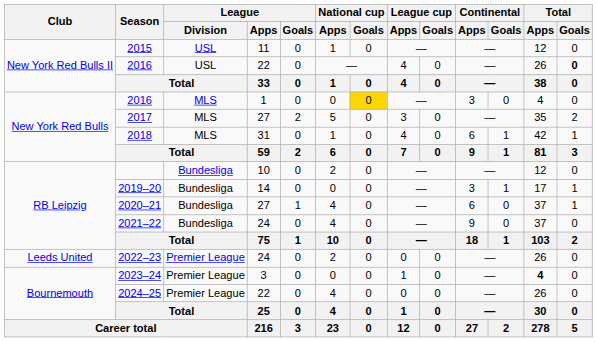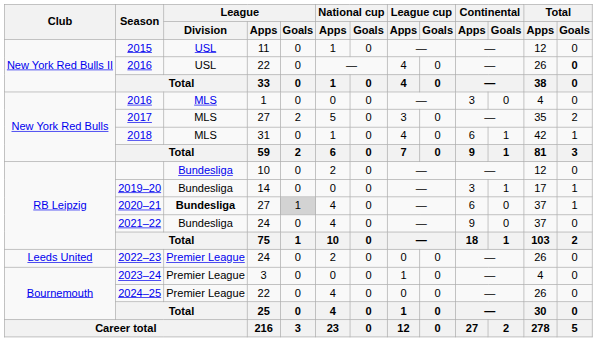 <table class="wikitable" style="text-align: center;">
 <tr>
 <th rowspan="2">Club</th>
 <th rowspan="2">Season</th>
 <th colspan="3">League</th>
 <th colspan="2">National cup</th>
 <th colspan="2">League cup</th>
 <th colspan="2">Continental</th>
 <th colspan="2">Total</th>
 </tr>
 <tr>
 <th>Division</th>
 <th>Apps</th>
 <th>Goals</th>
 <th>Apps</th>
 <th>Goals</th>
 <th>Apps</th>
 <th>Goals</th>
 <th>Apps</th>
 <th>Goals</th>
 <th>Apps</th>
 <th>Goals</th>
 </tr>
 <tr>
 <td rowspan="3"><a href='#'>New York Red Bulls II</a> <br></td>
 <td><a href='#'>2015</a></td>
 <td><a href='#'>USL</a></td>
 <td>11</td>
 <td>0</td>
 <td>1</td>
 <td>0</td>
 <td colspan="2">—</td>
 <td colspan="2">—</td>
 <td>12</td>
 <td>0</td>
 </tr>
 <tr>
 <td><a href='#'>2016</a></td>
 <td>USL</td>
 <td>22</td>
 <td>0</td>
 <td colspan="2">—</td>
 <td>4</td>
 <td>0</td>
 <td colspan="2">—</td>
 <td>26</td>
 <td><strong>0</strong></td>
 </tr>
 <tr>
 <th colspan="2">Total</th>
 <th>33</th>
 <th>0</th>
 <th>1</th>
 <th>0</th>
 <th>4</th>
 <th>0</th>
 <th colspan="2">—</th>
 <th>38</th>
 <th>0</th>
 </tr>
 <tr>
 <td rowspan="4"><a href='#'>New York Red Bulls</a></td>
 <td><a href='#'>2016</a></td>
 <td><a href='#'>MLS</a></td>
 <td>1</td>
 <td>0</td>
 <td>0</td>
-<td style="background: gold;">0</td>
+<td>0</td>
 <td colspan="2">—</td>
 <td>3</td>
 <td>0</td>
 <td>4</td>
 <td>0</td>
 </tr>
 <tr>
 <td><a href='#'>2017</a></td>
 <td>MLS</td>
 <td>27</td>
 <td>2</td>
 <td>5</td>
 <td>0</td>
 <td>3</td>
 <td>0</td>
 <td colspan="2">—</td>
 <td>35</td>
 <td>2</td>
 </tr>
 <tr>
 <td><a href='#'>2018</a></td>
 <td>MLS</td>
 <td>31</td>
 <td>0</td>
 <td>1</td>
 <td>0</td>
 <td>4</td>
 <td>0</td>
 <td>6</td>
 <td>1</td>
 <td>42</td>
 <td>1</td>
 </tr>
 <tr>
 <th colspan="2">Total</th>
 <th>59</th>
 <th>2</th>
 <th>6</th>
 <th>0</th>
 <th>7</th>
 <th>0</th>
 <th>9</th>
 <th>1</th>
 <th>81</th>
 <th>3</th>
 </tr>
 <tr>
 <td rowspan="5"><a href='#'>RB Leipzig</a></td>
 <td></td>
 <td><a href='#'>Bundesliga</a></td>
 <td>10</td>
 <td>0</td>
 <td>2</td>
 <td>0</td>
 <td colspan="2">—</td>
 <td colspan="2">—</td>
 <td>12</td>
 <td>0</td>
 </tr>
 <tr>
 <td><a href='#'>2019–20</a></td>
 <td>Bundesliga</td>
 <td>14</td>
 <td>0</td>
 <td>0</td>
 <td>0</td>
 <td colspan="2">—</td>
 <td>3</td>
 <td>1</td>
 <td>17</td>
 <td>1</td>
 </tr>
 <tr>
 <td><a href='#'>2020–21</a></td>
-<td>Bundesliga</td>
+<td><strong>Bundesliga</strong></td>
 <td>27</td>
-<td>1</td>
+<td style="background: lightgrey;">1</td>
 <td>4</td>
 <td>0</td>
 <td colspan="2">—</td>
 <td>6</td>
 <td>0</td>
 <td>37</td>
 <td>1</td>
 </tr>
 <tr>
 <td><a href='#'>2021–22</a></td>
 <td>Bundesliga</td>
 <td>24</td>
 <td>0</td>
 <td>4</td>
 <td>0</td>
 <td colspan="2">—</td>
 <td>9</td>
 <td>0</td>
 <td>37</td>
 <td>0</td>
 </tr>
 <tr>
 <th colspan="2">Total</th>
 <th>75</th>
 <th>1</th>
 <th>10</th>
 <th>0</th>
 <th colspan="2">—</th>
 <th>18</th>
 <th>1</th>
 <th>103</th>
 <th>2</th>
 </tr>
 <tr>
 <td><a href='#'>Leeds United</a></td>
 <td><a href='#'>2022–23</a></td>
 <td><a href='#'>Premier League</a></td>
 <td>24</td>
 <td>0</td>
 <td>2</td>
 <td>0</td>
 <td>0</td>
 <td>0</td>
 <td colspan="2">—</td>
 <td>26</td>
 <td>0</td>
 </tr>
 <tr>
 <td rowspan="3"><a href='#'>Bournemouth</a></td>
 <td><a href='#'>2023–24</a></td>
 <td>Premier League</td>
 <td>3</td>
 <td>0</td>
 <td>0</td>
 <td>0</td>
 <td>1</td>
 <td>0</td>
 <td colspan="2">—</td>
-<td><strong>4</strong></td>
+<td>4</td>
 <td>0</td>
 </tr>
 <tr>
 <td><a href='#'>2024–25</a></td>
 <td>Premier League</td>
 <td>22</td>
 <td>0</td>
 <td>4</td>
 <td>0</td>
 <td>0</td>
 <td>0</td>
 <td colspan="2">—</td>
 <td>26</td>
 <td>0</td>
 </tr>
 <tr>
 <th colspan="2">Total</th>
 <th>25</th>
 <th>0</th>
 <th>4</th>
 <th>0</th>
 <th>1</th>
 <th>0</th>
 <th colspan="2">—</th>
 <th>30</th>
 <th>0</th>
 </tr>
 <tr>
 <th colspan="3">Career total</th>
 <th>216</th>
 <th>3</th>
 <th>23</th>
 <th>0</th>
 <th>12</th>
 <th>0</th>
 <th>27</th>
 <th>2</th>
 <th>278</th>
 <th>5</th>
 </tr>
 </table>
